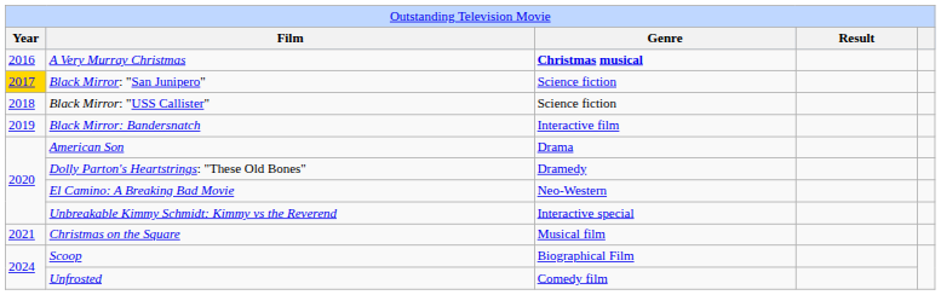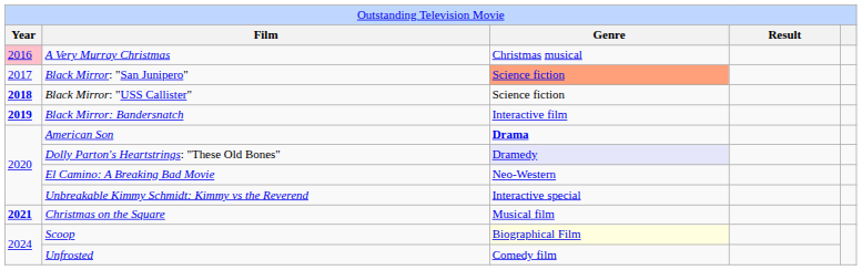 <table class="wikitable plainrowheaders" style="font-size: 90%" width=80%>
 <tr ---- bgcolor="#bfd7ff">
 <td colspan=6 align=center><a href='#'>Outstanding Television Movie</a></td>
 </tr>
 <tr ---- bgcolor="#bfd7ff">
 <th scope="col" style="width:1%;">Year</th>
 <th scope="col" style="width:28%;">Film</th>
 <th scope="col" style="width:15%;">Genre</th>
 <th scope="col" style="width:7%;">Result</th>
 <th scope="col" style="width:1%;"></th>
 </tr>
 <tr>
-<td><a href='#'>2016</a></td>
+<td style="background: pink;"><a href='#'>2016</a></td>
 <td><em><a href='#'>A Very Murray Christmas</a></em></td>
-<td><strong><a href='#'>Christmas</a> <a href='#'>musical</a></strong></td>
+<td><a href='#'>Christmas</a> <a href='#'>musical</a></td>
 <td></td>
 <td></td>
 </tr>
 <tr>
-<td style="background: gold;"><a href='#'>2017</a></td>
+<td><a href='#'>2017</a></td>
 <td><em><a href='#'>Black Mirror</a></em>: "<a href='#'>San Junipero</a>"</td>
-<td><a href='#'>Science fiction</a></td>
+<td style="background: lightsalmon;"><a href='#'>Science fiction</a></td>
 <td></td>
 <td></td>
 </tr>
 <tr>
-<td><a href='#'>2018</a></td>
+<td><strong><a href='#'>2018</a></strong></td>
 <td><em>Black Mirror</em>: "<a href='#'>USS Callister</a>"</td>
 <td>Science fiction</td>
 <td></td>
 <td></td>
 </tr>
 <tr>
-<td><a href='#'>2019</a></td>
+<td><strong><a href='#'>2019</a></strong></td>
 <td><em><a href='#'>Black Mirror: Bandersnatch</a></em></td>
 <td><a href='#'>Interactive film</a></td>
 <td></td>
 <td></td>
 </tr>
 <tr>
 <td rowspan="4"><a href='#'>2020</a></td>
 <td><em><a href='#'>American Son</a></em></td>
-<td><a href='#'>Drama</a></td>
+<td><strong><a href='#'>Drama</a></strong></td>
 <td></td>
 <td></td>
 </tr>
 <tr>
 <td><em><a href='#'>Dolly Parton's Heartstrings</a></em>: "These Old Bones"</td>
-<td><a href='#'>Dramedy</a></td>
+<td style="background: lavender;"><a href='#'>Dramedy</a></td>
 <td></td>
 <td></td>
 </tr>
 <tr>
 <td><em><a href='#'>El Camino: A Breaking Bad Movie</a></em></td>
 <td><a href='#'>Neo-Western</a></td>
 <td></td>
 <td></td>
 </tr>
 <tr>
 <td><em><a href='#'>Unbreakable Kimmy Schmidt: Kimmy vs the Reverend</a></em></td>
 <td><a href='#'>Interactive special</a></td>
 <td></td>
 <td></td>
 </tr>
 <tr>
-<td><a href='#'>2021</a></td>
+<td><strong><a href='#'>2021</a></strong></td>
 <td><em><a href='#'>Christmas on the Square</a></em></td>
 <td><a href='#'>Musical film</a></td>
 <td></td>
 <td></td>
 </tr>
 <tr>
 <td rowspan="2"><a href='#'>2024</a></td>
 <td><em><a href='#'>Scoop</a></em></td>
-<td><a href='#'>Biographical Film</a></td>
+<td style="background: lightyellow;"><a href='#'>Biographical Film</a></td>
 <td></td>
 <td rowspan="2"></td>
 </tr>
 <tr>
 <td><em><a href='#'>Unfrosted</a></em></td>
 <td><a href='#'>Comedy film</a></td>
 <td></td>
 </tr>
 </table>
